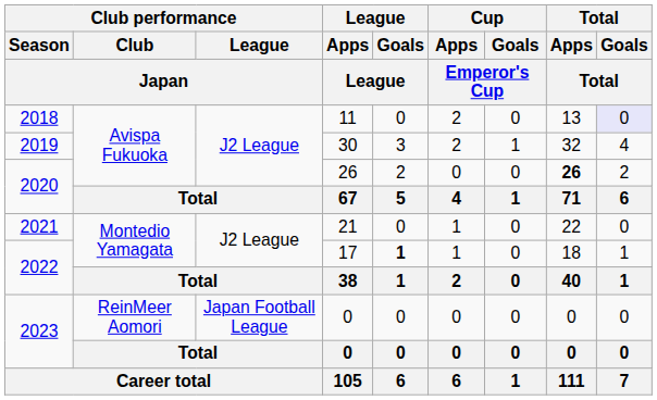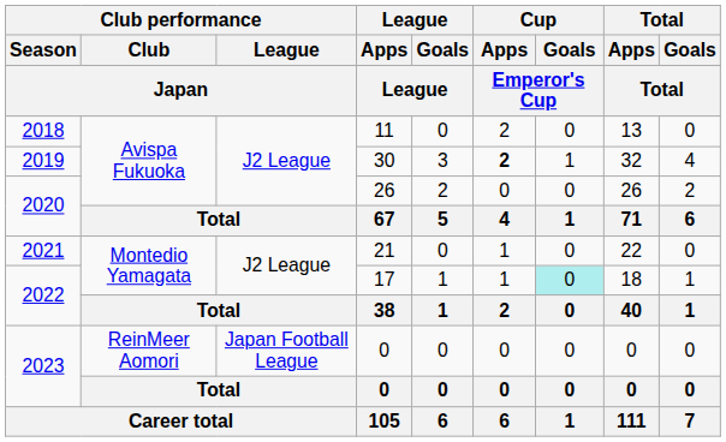 <table class="wikitable" style="text-align:center;">
 <tr>
 <th colspan=3>Club performance</th>
 <th colspan=2>League</th>
 <th colspan=2>Cup</th>
 <th colspan=2>Total</th>
 </tr>
 <tr>
 <th>Season</th>
 <th>Club</th>
 <th>League</th>
 <th>Apps</th>
 <th>Goals</th>
 <th>Apps</th>
 <th>Goals</th>
 <th>Apps</th>
 <th>Goals</th>
 </tr>
 <tr>
 <th colspan=3>Japan</th>
 <th colspan=2>League</th>
 <th colspan=2><a href='#'>Emperor's Cup</a></th>
 <th colspan=2>Total</th>
 </tr>
 <tr>
 <td><a href='#'>2018</a></td>
 <td rowspan="3"><a href='#'>Avispa Fukuoka</a></td>
 <td rowspan="3"><a href='#'>J2 League</a></td>
 <td>11</td>
 <td>0</td>
 <td>2</td>
 <td>0</td>
 <td>13</td>
-<td style="background: lavender;">0</td>
+<td>0</td>
 </tr>
 <tr>
 <td><a href='#'>2019</a></td>
 <td>30</td>
 <td>3</td>
-<td>2</td>
+<td><strong>2</strong></td>
 <td>1</td>
 <td>32</td>
 <td>4</td>
 </tr>
 <tr>
 <td rowspan="2"><a href='#'>2020</a></td>
 <td>26</td>
 <td>2</td>
 <td>0</td>
 <td>0</td>
-<td><strong>26</strong></td>
+<td>26</td>
 <td>2</td>
 </tr>
 <tr>
 <th colspan=2>Total</th>
 <th>67</th>
 <th>5</th>
 <th>4</th>
 <th>1</th>
 <th>71</th>
 <th>6</th>
 </tr>
 <tr>
 <td><a href='#'>2021</a></td>
 <td rowspan="2"><a href='#'>Montedio Yamagata</a></td>
 <td rowspan="2">J2 League</td>
 <td>21</td>
 <td>0</td>
 <td>1</td>
 <td>0</td>
 <td>22</td>
 <td>0</td>
 </tr>
 <tr>
 <td rowspan="2"><a href='#'>2022</a></td>
 <td>17</td>
-<td><strong>1</strong></td>
 <td>1</td>
-<td>0</td>
+<td>1</td>
+<td style="background: paleturquoise;">0</td>
 <td>18</td>
 <td>1</td>
 </tr>
 <tr>
 <th colspan=2>Total</th>
 <th>38</th>
 <th>1</th>
 <th>2</th>
 <th>0</th>
 <th>40</th>
 <th>1</th>
 </tr>
 <tr>
 <td rowspan="2"><a href='#'>2023</a></td>
 <td><a href='#'>ReinMeer Aomori</a></td>
 <td><a href='#'>Japan Football League</a></td>
 <td>0</td>
 <td>0</td>
 <td>0</td>
 <td>0</td>
 <td>0</td>
 <td>0</td>
 </tr>
 <tr>
 <th colspan=2>Total</th>
 <th>0</th>
 <th>0</th>
 <th>0</th>
 <th>0</th>
 <th>0</th>
 <th>0</th>
 </tr>
 <tr>
 <th colspan=3>Career total</th>
 <th>105</th>
 <th>6</th>
 <th>6</th>
 <th>1</th>
 <th>111</th>
 <th>7</th>
 </tr>
 </table>
